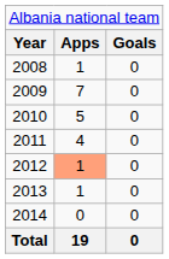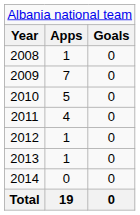 <table class="wikitable" style="text-align:center">
 <tr>
 <td colspan="3"><a href='#'>Albania national team</a></td>
 </tr>
 <tr>
 <th>Year</th>
 <th>Apps</th>
 <th>Goals</th>
 </tr>
 <tr>
 <td>2008</td>
 <td>1</td>
 <td>0</td>
 </tr>
 <tr>
 <td>2009</td>
 <td>7</td>
 <td>0</td>
 </tr>
 <tr>
 <td>2010</td>
 <td>5</td>
 <td>0</td>
 </tr>
 <tr>
 <td>2011</td>
 <td>4</td>
 <td>0</td>
 </tr>
 <tr>
 <td>2012</td>
-<td style="background: lightsalmon;">1</td>
+<td>1</td>
 <td>0</td>
 </tr>
 <tr>
 <td>2013</td>
 <td>1</td>
 <td>0</td>
 </tr>
 <tr>
 <td>2014</td>
 <td>0</td>
 <td>0</td>
 </tr>
 <tr>
 <th>Total</th>
 <th>19</th>
 <th>0</th>
 </tr>
 </table>
